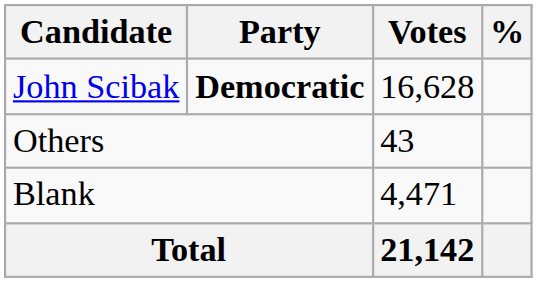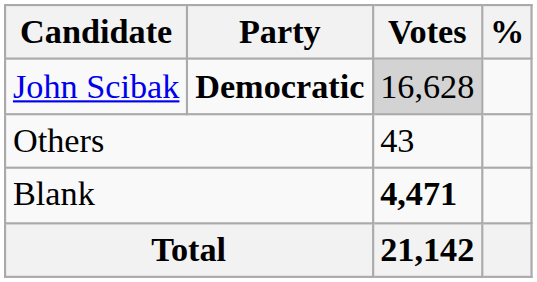 <table class="wikitable">
 <tr>
 <th>Candidate</th>
 <th>Party</th>
 <th>Votes</th>
 <th>%</th>
 </tr>
 <tr>
 <td><a href='#'>John Scibak</a></td>
 <td><strong>Democratic</strong></td>
-<td>16,628</td>
+<td style="background: lightgrey;">16,628</td>
 <td></td>
 </tr>
 <tr>
 <td colspan = 2>Others</td>
 <td>43</td>
 <td></td>
 </tr>
 <tr>
 <td colspan = 2>Blank</td>
-<td>4,471</td>
+<td><strong>4,471</strong></td>
 <td></td>
 </tr>
 <tr>
 <th colspan = 2>Total</th>
 <th>21,142</th>
 <th></th>
 </tr>
 </table>
